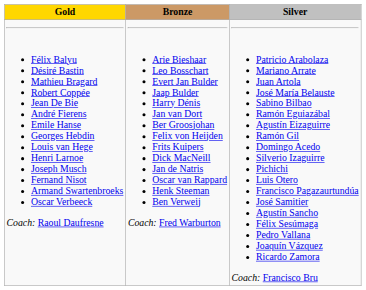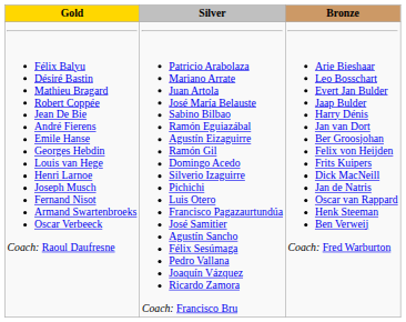 <table class="wikitable">
 <tr>
 <td align=center bgcolor=gold><strong>Gold</strong></td>
+<td align=center bgcolor=silver><strong>Silver</strong></td>
 <td align=center bgcolor=cc9966><strong>Bronze</strong></td>
-<td align=center bgcolor=silver><strong>Silver</strong></td>
 </tr>
 <tr>
 <td valign=top> <hr><br><ul><li><a href='#'>Félix Balyu</a></li><li><a href='#'>Désiré Bastin</a></li><li><a href='#'>Mathieu Bragard</a></li><li><a href='#'>Robert Coppée</a></li><li><a href='#'>Jean De Bie</a></li><li><a href='#'>André Fierens</a></li><li><a href='#'>Emile Hanse</a></li><li><a href='#'>Georges Hebdin</a></li><li><a href='#'>Louis van Hege</a></li><li><a href='#'>Henri Larnoe</a></li><li><a href='#'>Joseph Musch</a></li><li><a href='#'>Fernand Nisot</a></li><li><a href='#'>Armand Swartenbroeks</a></li><li><a href='#'>Oscar Verbeeck</a></li></ul><em>Coach:</em> <a href='#'>Raoul Daufresne</a></td>
+<td valign=top> <hr><br><ul><li><a href='#'>Patricio Arabolaza</a></li><li><a href='#'>Mariano Arrate</a></li><li><a href='#'>Juan Artola</a></li><li><a href='#'>José María Belauste</a></li><li><a href='#'>Sabino Bilbao</a></li><li><a href='#'>Ramón Eguiazábal</a></li><li><a href='#'>Agustín Eizaguirre</a></li><li><a href='#'>Ramón Gil</a></li><li><a href='#'>Domingo Acedo</a></li><li><a href='#'>Silverio Izaguirre</a></li><li><a href='#'>Pichichi</a></li><li><a href='#'>Luis Otero</a></li><li><a href='#'>Francisco Pagazaurtundúa</a></li><li><a href='#'>José Samitier</a></li><li><a href='#'>Agustín Sancho</a></li><li><a href='#'>Félix Sesúmaga</a></li><li><a href='#'>Pedro Vallana</a></li><li><a href='#'>Joaquín Vázquez</a></li><li><a href='#'>Ricardo Zamora</a></li></ul><em>Coach:</em> <a href='#'>Francisco Bru</a></td>
 <td valign=top> <hr><br><ul><li><a href='#'>Arie Bieshaar</a></li><li><a href='#'>Leo Bosschart</a></li><li><a href='#'>Evert Jan Bulder</a></li><li><a href='#'>Jaap Bulder</a></li><li><a href='#'>Harry Dénis</a></li><li><a href='#'>Jan van Dort</a></li><li><a href='#'>Ber Groosjohan</a></li><li><a href='#'>Felix von Heijden</a></li><li><a href='#'>Frits Kuipers</a></li><li><a href='#'>Dick MacNeill</a></li><li><a href='#'>Jan de Natris</a></li><li><a href='#'>Oscar van Rappard</a></li><li><a href='#'>Henk Steeman</a></li><li><a href='#'>Ben Verweij</a></li></ul><em>Coach:</em> <a href='#'>Fred Warburton</a></td>
-<td valign=top> <hr><br><ul><li><a href='#'>Patricio Arabolaza</a></li><li><a href='#'>Mariano Arrate</a></li><li><a href='#'>Juan Artola</a></li><li><a href='#'>José María Belauste</a></li><li><a href='#'>Sabino Bilbao</a></li><li><a href='#'>Ramón Eguiazábal</a></li><li><a href='#'>Agustín Eizaguirre</a></li><li><a href='#'>Ramón Gil</a></li><li><a href='#'>Domingo Acedo</a></li><li><a href='#'>Silverio Izaguirre</a></li><li><a href='#'>Pichichi</a></li><li><a href='#'>Luis Otero</a></li><li><a href='#'>Francisco Pagazaurtundúa</a></li><li><a href='#'>José Samitier</a></li><li><a href='#'>Agustín Sancho</a></li><li><a href='#'>Félix Sesúmaga</a></li><li><a href='#'>Pedro Vallana</a></li><li><a href='#'>Joaquín Vázquez</a></li><li><a href='#'>Ricardo Zamora</a></li></ul><em>Coach:</em> <a href='#'>Francisco Bru</a></td>
 </tr>
 </table>
